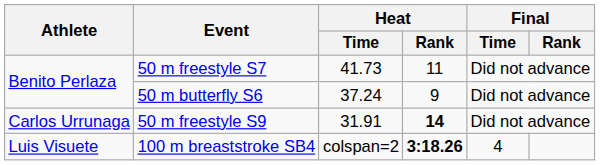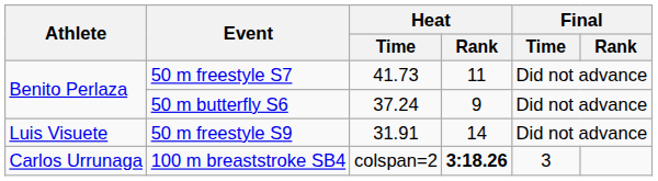 <table class=wikitable style=font-size:90%;text-align:center>
 <tr>
 <th rowspan=2>Athlete</th>
 <th rowspan=2>Event</th>
 <th colspan=2>Heat</th>
 <th colspan=2>Final</th>
 </tr>
 <tr style=font-size:95%>
 <th>Time</th>
 <th>Rank</th>
 <th>Time</th>
 <th>Rank</th>
 </tr>
 <tr align=center>
 <td align=left rowspan=2><a href='#'>Benito Perlaza</a></td>
 <td align=left><a href='#'>50 m freestyle S7</a></td>
 <td>41.73</td>
 <td>11</td>
 <td colspan=2>Did not advance</td>
 </tr>
 <tr align=center>
 <td align=left><a href='#'>50 m butterfly S6</a></td>
 <td>37.24</td>
 <td>9</td>
 <td colspan=2>Did not advance</td>
 </tr>
 <tr align=center>
-<td align=left><a href='#'>Carlos Urrunaga</a></td>
+<td align=left><a href='#'>Luis Visuete</a></td>
 <td align=left><a href='#'>50 m freestyle S9</a></td>
 <td>31.91</td>
-<td><strong>14</strong></td>
+<td>14</td>
 <td colspan=2>Did not advance</td>
 </tr>
 <tr align=center>
-<td align=left><a href='#'>Luis Visuete</a></td>
+<td align=left><a href='#'>Carlos Urrunaga</a></td>
 <td align=left><a href='#'>100 m breaststroke SB4</a></td>
 <td>colspan=2 </td>
 <td><strong>3:18.26</strong></td>
-<td>4</td>
+<td>3</td>
 </tr>
 </table>
